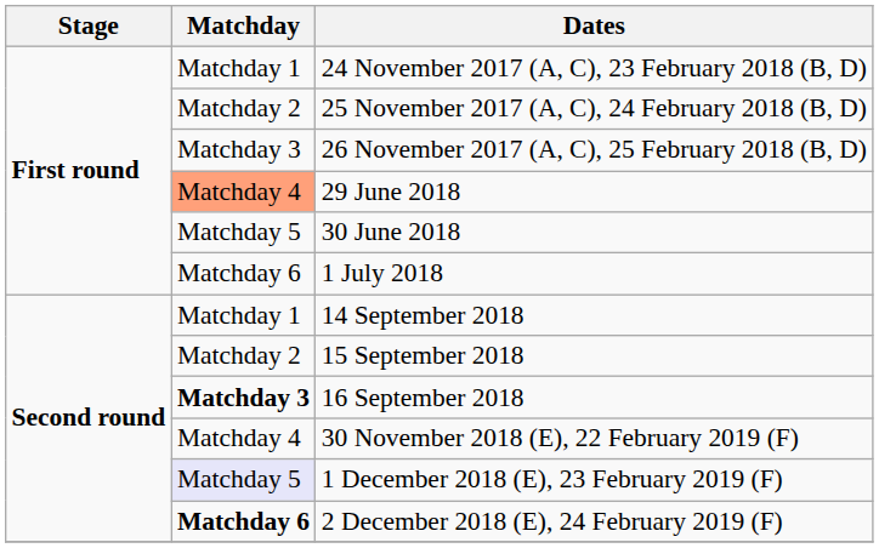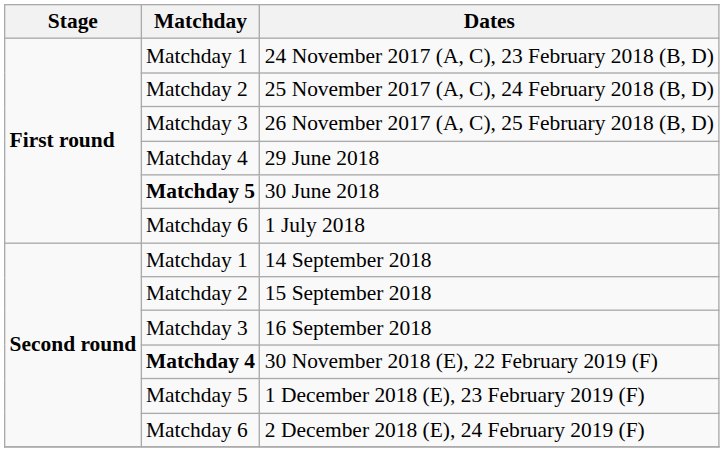 <table class="wikitable">
 <tr>
 <th>Stage</th>
 <th>Matchday</th>
 <th>Dates</th>
 </tr>
 <tr>
 <td rowspan="6"><strong>First round</strong></td>
 <td>Matchday 1</td>
 <td>24 November 2017 (A, C), 23 February 2018 (B, D)</td>
 </tr>
 <tr>
 <td>Matchday 2</td>
 <td>25 November 2017 (A, C), 24 February 2018 (B, D)</td>
 </tr>
 <tr>
 <td>Matchday 3</td>
 <td>26 November 2017 (A, C), 25 February 2018 (B, D)</td>
 </tr>
 <tr>
-<td style="background: lightsalmon;">Matchday 4</td>
+<td>Matchday 4</td>
 <td>29 June 2018</td>
 </tr>
 <tr>
-<td>Matchday 5</td>
+<td><strong>Matchday 5</strong></td>
 <td>30 June 2018</td>
 </tr>
 <tr>
 <td>Matchday 6</td>
 <td>1 July 2018</td>
 </tr>
 <tr>
 <td rowspan="6"><strong>Second round</strong></td>
 <td>Matchday 1</td>
 <td>14 September 2018</td>
 </tr>
 <tr>
 <td>Matchday 2</td>
 <td>15 September 2018</td>
 </tr>
 <tr>
-<td><strong>Matchday 3</strong></td>
+<td>Matchday 3</td>
 <td>16 September 2018</td>
 </tr>
 <tr>
-<td>Matchday 4</td>
+<td><strong>Matchday 4</strong></td>
 <td>30 November 2018 (E), 22 February 2019 (F)</td>
 </tr>
 <tr>
-<td style="background: lavender;">Matchday 5</td>
+<td>Matchday 5</td>
 <td>1 December 2018 (E), 23 February 2019 (F)</td>
 </tr>
 <tr>
-<td><strong>Matchday 6</strong></td>
+<td>Matchday 6</td>
 <td>2 December 2018 (E), 24 February 2019 (F)</td>
 </tr>
 <tr>
 </tr>
 </table>
